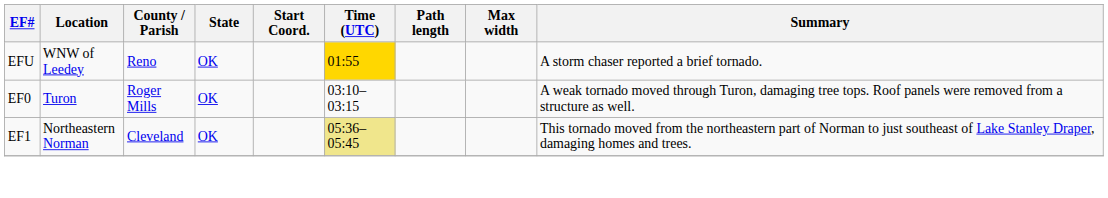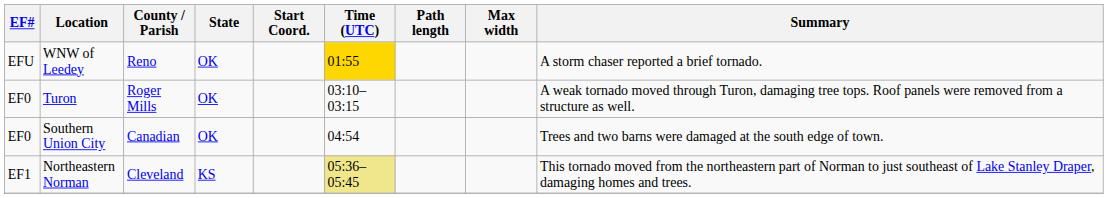 <table class="wikitable sortable" style="width:100%;">
 <tr>
 <th scope="col"  style="width:3%; text-align:center;"><a href='#'>EF#</a></th>
 <th scope="col"  style="width:7%; text-align:center;" class="unsortable">Location</th>
 <th scope="col"  style="width:6%; text-align:center;" class="unsortable">County / Parish</th>
 <th scope="col"  style="width:5%; text-align:center;">State</th>
 <th scope="col"  style="width:6%; text-align:center;">Start Coord.</th>
 <th scope="col"  style="width:6%; text-align:center;">Time (<a href='#'>UTC</a>)</th>
 <th scope="col"  style="width:6%; text-align:center;">Path length</th>
 <th scope="col"  style="width:6%; text-align:center;">Max width</th>
 <th scope="col" class="unsortable" style="width:48%; text-align:center;">Summary</th>
 </tr>
 <tr>
 <td>EFU</td>
 <td>WNW of <a href='#'>Leedey</a></td>
 <td><a href='#'>Reno</a></td>
 <td><a href='#'>OK</a></td>
 <td></td>
 <td style="background: gold;">01:55</td>
 <td></td>
 <td></td>
 <td>A storm chaser reported a brief tornado.</td>
 </tr>
 <tr>
 <td>EF0</td>
 <td><a href='#'>Turon</a></td>
 <td><a href='#'>Roger Mills</a></td>
 <td><a href='#'>OK</a></td>
 <td></td>
 <td>03:10–03:15</td>
 <td></td>
 <td></td>
 <td>A weak tornado moved through Turon, damaging tree tops. Roof panels were removed from a structure as well.</td>
 </tr>
 <tr>
+<td>EF0</td>
+<td>Southern <a href='#'>Union City</a></td>
+<td><a href='#'>Canadian</a></td>
+<td><a href='#'>OK</a></td>
+<td></td>
+<td>04:54</td>
+<td></td>
+<td></td>
+<td>Trees and two barns were damaged at the south edge of town.</td>
+</tr>
+<tr>
 <td>EF1</td>
 <td>Northeastern <a href='#'>Norman</a></td>
 <td><a href='#'>Cleveland</a></td>
-<td><a href='#'>OK</a></td>
+<td><a href='#'>KS</a></td>
 <td></td>
 <td style="background: khaki;">05:36–05:45</td>
 <td></td>
 <td></td>
 <td>This tornado moved from the northeastern part of Norman to just southeast of <a href='#'>Lake Stanley Draper</a>, damaging homes and trees.</td>
 </tr>
 <tr>
 </tr>
 </table>
